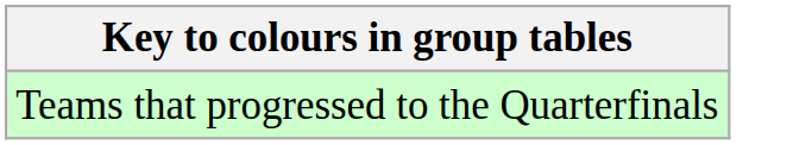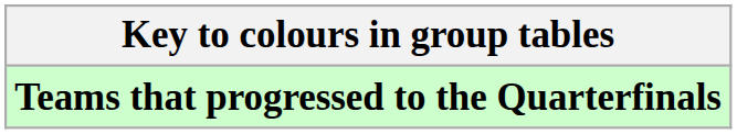 <table class="wikitable">
 <tr>
 <th>Key to colours in group tables</th>
 </tr>
 <tr bgcolor=#ccffcc>
-<td>Teams that progressed to the Quarterfinals</td>
+<td><strong>Teams that progressed to the Quarterfinals</strong></td>
 </tr>
 </table>
